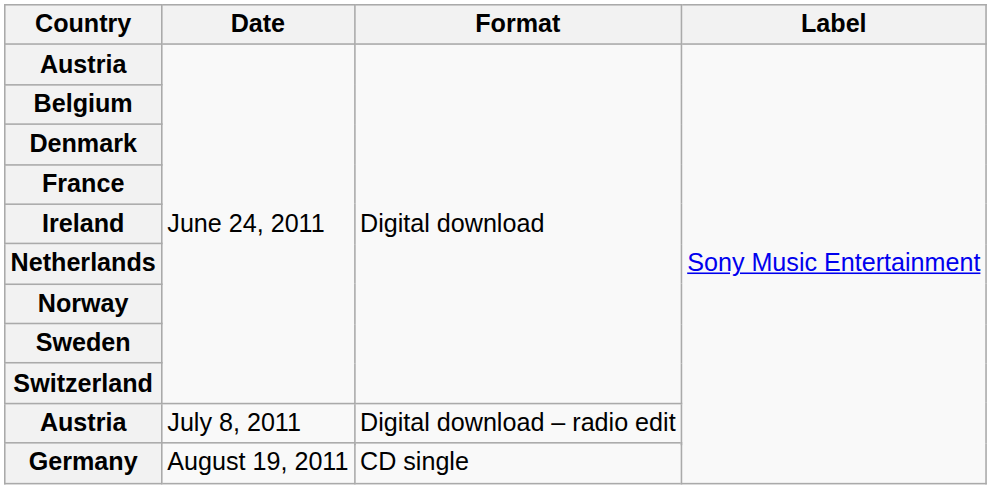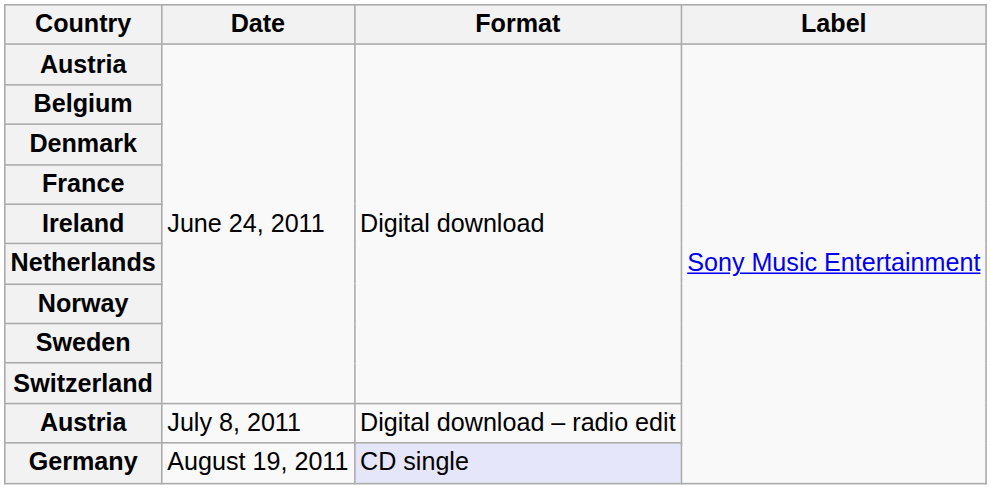 <table class="wikitable plainrowheaders">
 <tr>
 <th scope="col">Country</th>
 <th scope="col">Date</th>
 <th scope="col">Format</th>
 <th scope="col">Label</th>
 </tr>
 <tr>
 <th scope="row">Austria</th>
 <td rowspan="9">June 24, 2011</td>
 <td rowspan="9">Digital download</td>
 <td rowspan="12"><a href='#'>Sony Music Entertainment</a></td>
 </tr>
 <tr>
 <th scope="row">Belgium</th>
 </tr>
 <tr>
 <th scope="row">Denmark</th>
 </tr>
 <tr>
 <th scope="row">France</th>
 </tr>
 <tr>
 <th scope="row">Ireland</th>
 </tr>
 <tr>
 <th scope="row">Netherlands</th>
 </tr>
 <tr>
 <th scope="row">Norway</th>
 </tr>
 <tr>
 <th scope="row">Sweden</th>
 </tr>
 <tr>
 <th scope="row">Switzerland</th>
 </tr>
 <tr>
 <th scope="row">Austria</th>
 <td rowspan="2">July 8, 2011</td>
 <td rowspan="2">Digital download – radio edit</td>
 </tr>
 <tr>
 <th scope="row" rowspan="2">Germany</th>
 </tr>
 <tr>
 <td>August 19, 2011</td>
-<td>CD single</td>
+<td style="background: lavender;">CD single</td>
 </tr>
 </table>
